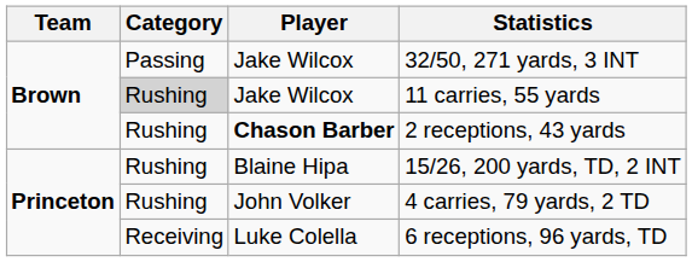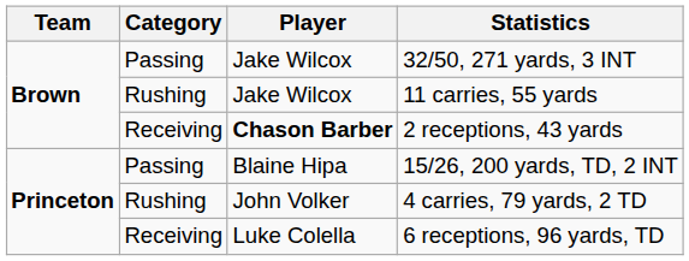 <table class="wikitable" style="float: right;">
 <tr>
 <th>Team</th>
 <th>Category</th>
 <th>Player</th>
 <th>Statistics</th>
 </tr>
 <tr>
 <td rowspan=3><strong>Brown</strong></td>
 <td>Passing</td>
 <td>Jake Wilcox</td>
 <td>32/50, 271 yards, 3 INT</td>
 </tr>
 <tr>
-<td style="background: lightgrey;">Rushing</td>
+<td>Rushing</td>
 <td>Jake Wilcox</td>
 <td>11 carries, 55 yards</td>
 </tr>
 <tr>
-<td>Rushing</td>
+<td>Receiving</td>
 <td><strong>Chason Barber</strong></td>
 <td>2 receptions, 43 yards</td>
 </tr>
 <tr>
 <td rowspan=3><strong>Princeton</strong></td>
-<td>Rushing</td>
+<td>Passing</td>
 <td>Blaine Hipa</td>
 <td>15/26, 200 yards, TD, 2 INT</td>
 </tr>
 <tr>
 <td>Rushing</td>
 <td>John Volker</td>
 <td>4 carries, 79 yards, 2 TD</td>
 </tr>
 <tr>
 <td>Receiving</td>
 <td>Luke Colella</td>
 <td>6 receptions, 96 yards, TD</td>
 </tr>
 </table>
